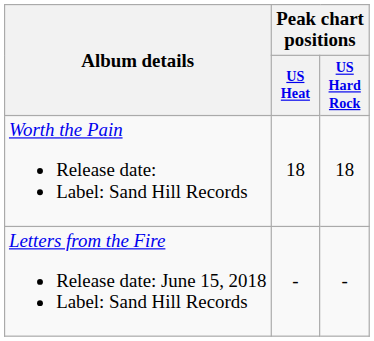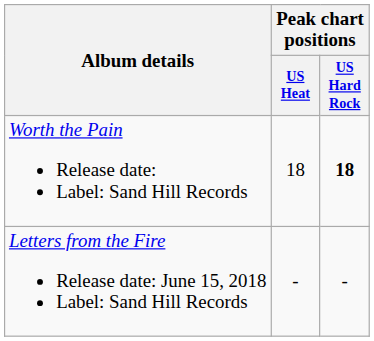 <table class="wikitable" style="text-align:center;">
 <tr>
 <th rowspan="2">Album details</th>
 <th colspan="2">Peak chart positions</th>
 </tr>
 <tr>
 <th style="width:3em;font-size:75%"><a href='#'>US Heat</a><br></th>
 <th style="width:3em;font-size:75%"><a href='#'>US Hard Rock</a><br></th>
 </tr>
 <tr>
 <td align=left><em><a href='#'>Worth the Pain</a></em><br><ul><li>Release date: </li><li>Label: Sand Hill Records</li></ul></td>
 <td>18</td>
-<td>18</td>
+<td><strong>18</strong></td>
 </tr>
 <tr>
 <td align=left><em><a href='#'>Letters from the Fire</a></em><br><ul><li>Release date: June 15, 2018</li><li>Label: Sand Hill Records</li></ul></td>
 <td>-</td>
 <td>-</td>
 </tr>
 </table>
